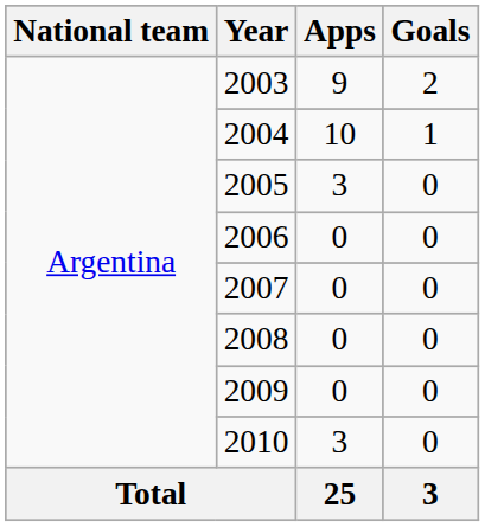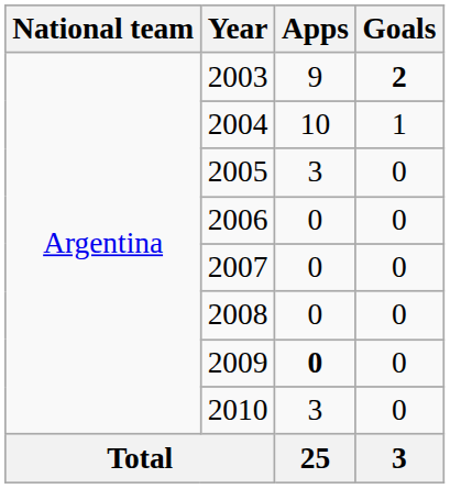 <table class="wikitable" style="text-align:center">
 <tr>
 <th>National team</th>
 <th>Year</th>
 <th>Apps</th>
 <th>Goals</th>
 </tr>
 <tr>
 <td rowspan="8"><a href='#'>Argentina</a></td>
 <td>2003</td>
 <td>9</td>
-<td>2</td>
+<td><strong>2</strong></td>
 </tr>
 <tr>
 <td>2004</td>
 <td>10</td>
 <td>1</td>
 </tr>
 <tr>
 <td>2005</td>
 <td>3</td>
 <td>0</td>
 </tr>
 <tr>
 <td>2006</td>
 <td>0</td>
 <td>0</td>
 </tr>
 <tr>
 <td>2007</td>
 <td>0</td>
 <td>0</td>
 </tr>
 <tr>
 <td>2008</td>
 <td>0</td>
 <td>0</td>
 </tr>
 <tr>
 <td>2009</td>
-<td>0</td>
+<td><strong>0</strong></td>
 <td>0</td>
 </tr>
 <tr>
 <td>2010</td>
 <td>3</td>
 <td>0</td>
 </tr>
 <tr>
 <th colspan="2">Total</th>
 <th>25</th>
 <th>3</th>
 </tr>
 </table>
